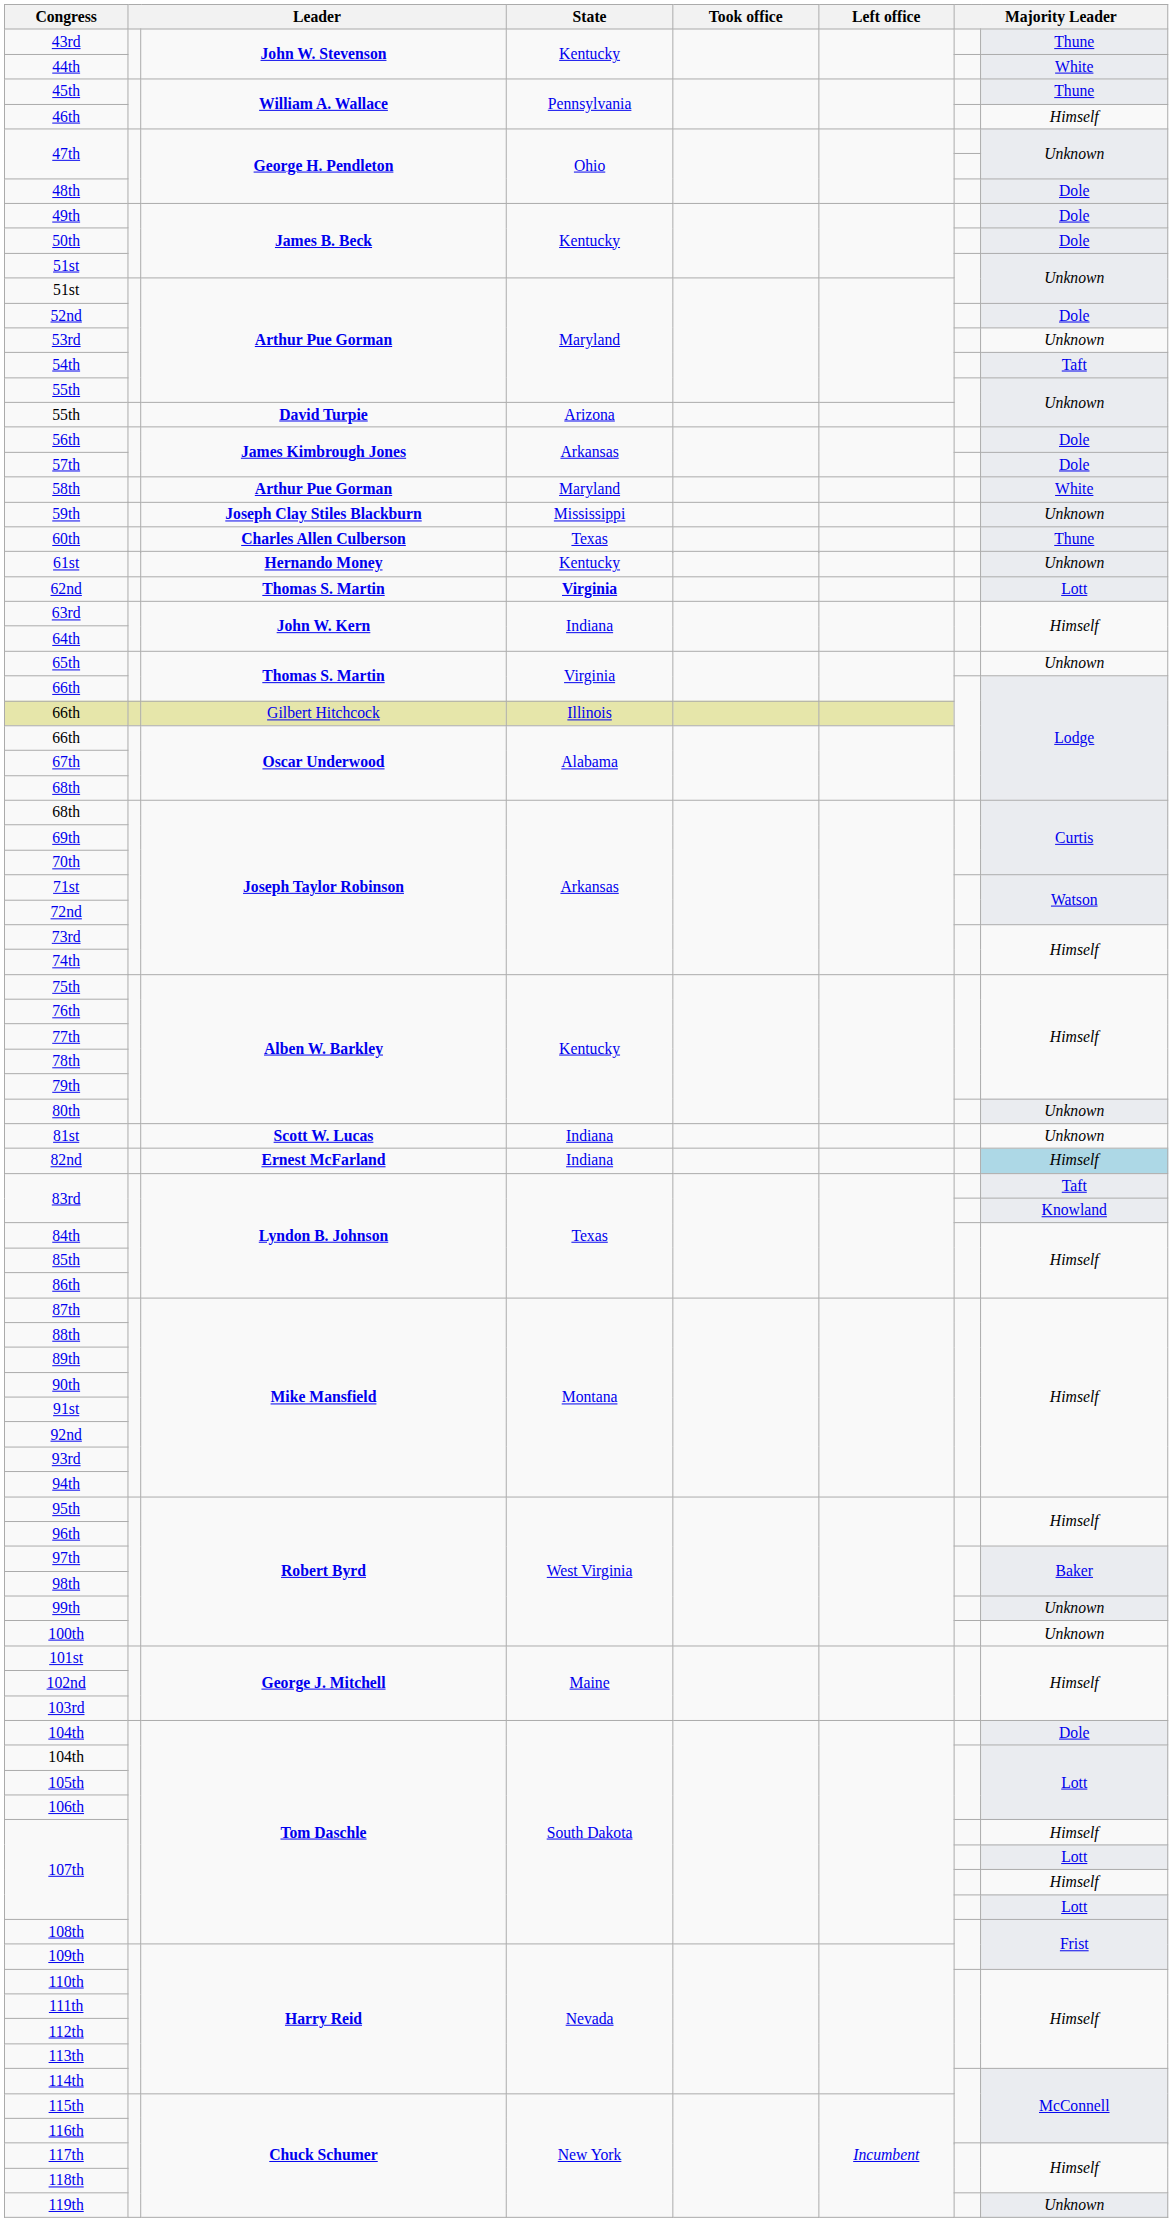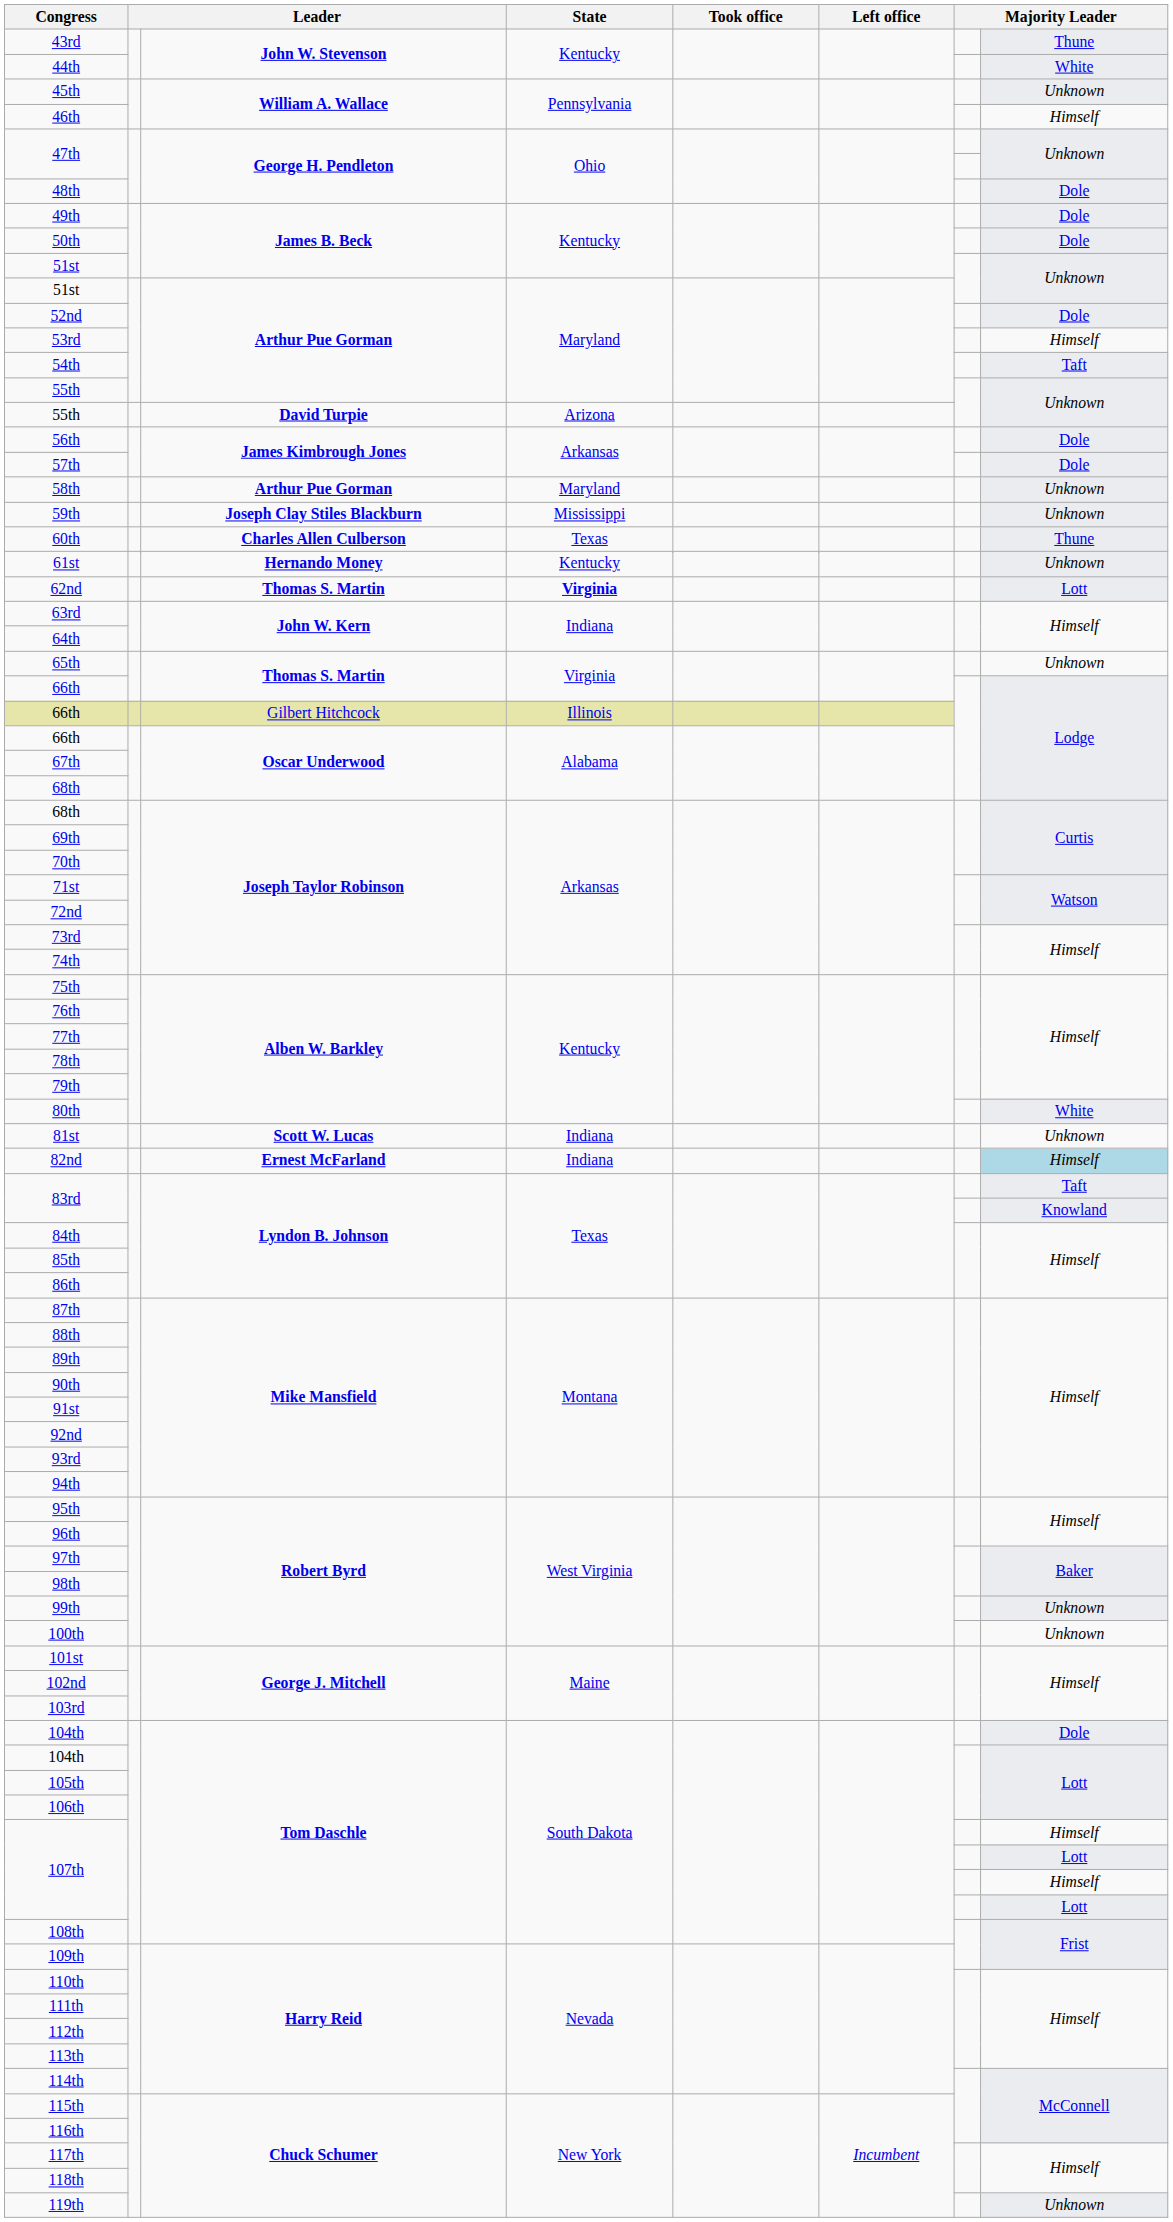 <table class="wikitable" style="width:75%; text-align:center;">
 <tr>
 <th>Congress</th>
 <th colspan="2">Leader</th>
 <th>State</th>
 <th>Took office</th>
 <th>Left office</th>
 <th colspan="2">Majority Leader</th>
 </tr>
 <tr>
 <td><a href='#'>43rd</a></td>
 <td rowspan="2"></td>
 <td rowspan="2"><strong><a href='#'>John W. Stevenson</a></strong><br></td>
 <td rowspan="2"><a href='#'>Kentucky</a></td>
 <td rowspan="2"></td>
 <td rowspan="2"></td>
 <td style="background-color:"> </td>
 <td style="background-color:#EAECF0;"><a href='#'>Thune</a> </td>
 </tr>
 <tr>
 <td><a href='#'>44th</a></td>
 <td style="background-color:"> </td>
 <td style="background-color:#EAECF0;"><a href='#'>White</a> </td>
 </tr>
 <tr>
 <td><a href='#'>45th</a></td>
 <td rowspan="2"></td>
 <td rowspan="2"><strong><a href='#'>William A. Wallace</a></strong><br></td>
 <td rowspan="2"><a href='#'>Pennsylvania</a></td>
 <td rowspan="2"></td>
 <td rowspan="2"></td>
 <td style="background-color:"> </td>
-<td style="background-color:#EAECF0;"><a href='#'>Thune</a> </td>
+<td style="background-color:#EAECF0;"><em>Unknown</em></td>
 </tr>
 <tr>
 <td><a href='#'>46th</a></td>
 <td style="background-color:"> </td>
 <td><em>Himself</em> </td>
 </tr>
 <tr>
 <td rowspan="2"><a href='#'>47th</a></td>
 <td rowspan="3"></td>
 <td rowspan="3"><strong><a href='#'>George H. Pendleton</a></strong><br></td>
 <td rowspan="3"><a href='#'>Ohio</a></td>
 <td rowspan="3"></td>
 <td rowspan="3"></td>
 <td style="background-color:"> </td>
 <td rowspan="2" style="background-color:#EAECF0;"><em>Unknown</em></td>
 </tr>
 <tr>
 <td style="background-color:"> </td>
 </tr>
 <tr>
 <td><a href='#'>48th</a></td>
 <td style="background-color:"> </td>
 <td style="background-color:#EAECF0;"><a href='#'>Dole</a> </td>
 </tr>
 <tr>
 <td><a href='#'>49th</a></td>
 <td rowspan="3"></td>
 <td rowspan="3"><strong><a href='#'>James B. Beck</a></strong><br></td>
 <td rowspan="3"><a href='#'>Kentucky</a></td>
 <td rowspan="3"></td>
 <td rowspan="3"></td>
 <td style="background-color:"> </td>
 <td style="background-color:#EAECF0;"><a href='#'>Dole</a> </td>
 </tr>
 <tr>
 <td><a href='#'>50th</a></td>
 <td style="background-color:"> </td>
 <td style="background-color:#EAECF0;"><a href='#'>Dole</a> </td>
 </tr>
 <tr>
 <td><a href='#'>51st</a></td>
 <td rowspan="2" style="background-color:"> </td>
 <td rowspan="2" style="background-color:#EAECF0;"><em>Unknown</em></td>
 </tr>
 <tr>
 <td>51st</td>
 <td rowspan="5"></td>
 <td rowspan="5"><strong><a href='#'>Arthur Pue Gorman</a></strong><br></td>
 <td rowspan="5"><a href='#'>Maryland</a></td>
 <td rowspan="5"></td>
 <td rowspan="5"></td>
 </tr>
 <tr>
 <td><a href='#'>52nd</a></td>
 <td style="background-color:"> </td>
 <td style="background-color:#EAECF0;"><a href='#'>Dole</a> </td>
 </tr>
 <tr>
 <td><a href='#'>53rd</a></td>
 <td style="background-color:"> </td>
-<td><em>Unknown</em></td>
+<td><em>Himself</em> </td>
 </tr>
 <tr>
 <td><a href='#'>54th</a></td>
 <td style="background-color:"> </td>
 <td style="background-color:#EAECF0;"><a href='#'>Taft</a> </td>
 </tr>
 <tr>
 <td><a href='#'>55th</a></td>
 <td rowspan="2" style="background-color:"> </td>
 <td rowspan="2" style="background-color:#EAECF0;"><em>Unknown</em></td>
 </tr>
 <tr>
 <td>55th</td>
 <td></td>
 <td><strong><a href='#'>David Turpie</a></strong><br></td>
 <td><a href='#'>Arizona</a></td>
 <td></td>
 <td></td>
 </tr>
 <tr>
 <td><a href='#'>56th</a></td>
 <td rowspan="2"></td>
 <td rowspan="2"><strong><a href='#'>James Kimbrough Jones</a></strong><br></td>
 <td rowspan="2"><a href='#'>Arkansas</a></td>
 <td rowspan="2"></td>
 <td rowspan="2"></td>
 <td style="background-color:"> </td>
 <td style="background-color:#EAECF0;"><a href='#'>Dole</a> </td>
 </tr>
 <tr>
 <td><a href='#'>57th</a></td>
 <td style="background-color:"> </td>
 <td style="background-color:#EAECF0;"><a href='#'>Dole</a> </td>
 </tr>
 <tr>
 <td><a href='#'>58th</a></td>
 <td rowspan="2"></td>
 <td rowspan="2"><strong><a href='#'>Arthur Pue Gorman</a></strong><br></td>
 <td rowspan="2"><a href='#'>Maryland</a></td>
 <td rowspan="2"></td>
 <td rowspan="2"></td>
 <td style="background-color:"> </td>
-<td style="background-color:#EAECF0;"><a href='#'>White</a> </td>
+<td style="background-color:#EAECF0;"><em>Unknown</em></td>
 </tr>
 <tr>
 <td rowspan="2"><a href='#'>59th</a></td>
 <td rowspan="2" style="background-color:"> </td>
 <td rowspan="2" style="background-color:#EAECF0;"><em>Unknown</em></td>
 </tr>
 <tr>
 <td></td>
 <td><strong><a href='#'>Joseph Clay Stiles Blackburn</a></strong><br></td>
 <td><a href='#'>Mississippi</a></td>
 <td></td>
 <td></td>
 </tr>
 <tr>
 <td><a href='#'>60th</a></td>
 <td rowspan="2"></td>
 <td rowspan="2"><strong><a href='#'>Charles Allen Culberson</a></strong><br></td>
 <td rowspan="2"><a href='#'>Texas</a></td>
 <td rowspan="2"></td>
 <td rowspan="2"></td>
 <td style="background-color:"> </td>
 <td style="background-color:#EAECF0;"><a href='#'>Thune</a> </td>
 </tr>
 <tr>
 <td rowspan="2"><a href='#'>61st</a></td>
 <td rowspan="2" style="background-color:"> </td>
 <td rowspan="2" style="background-color:#EAECF0;"><em>Unknown</em></td>
 </tr>
 <tr>
 <td></td>
 <td><strong><a href='#'>Hernando Money</a></strong><br></td>
 <td><a href='#'>Kentucky</a></td>
 <td></td>
 <td></td>
 </tr>
 <tr>
 <td><a href='#'>62nd</a></td>
 <td></td>
 <td><strong><a href='#'>Thomas S. Martin</a></strong><br></td>
 <td><strong><a href='#'>Virginia</a></strong></td>
 <td></td>
 <td></td>
 <td style="background-color:"> </td>
 <td style="background-color:#EAECF0;"><a href='#'>Lott</a> </td>
 </tr>
 <tr>
 <td><a href='#'>63rd</a></td>
 <td rowspan="2"></td>
 <td rowspan="2"><strong><a href='#'>John W. Kern</a></strong><br></td>
 <td rowspan="2"><a href='#'>Indiana</a></td>
 <td rowspan="2"></td>
 <td rowspan="2"></td>
 <td rowspan="2" style="background-color:"> </td>
 <td rowspan="2"><em>Himself</em> </td>
 </tr>
 <tr>
 <td><a href='#'>64th</a></td>
 </tr>
 <tr>
 <td><a href='#'>65th</a></td>
 <td rowspan="2"></td>
 <td rowspan="2"><strong><a href='#'>Thomas S. Martin</a></strong><br></td>
 <td rowspan="2"><a href='#'>Virginia</a></td>
 <td rowspan="2"></td>
 <td rowspan="2"></td>
 <td style="background-color:"> </td>
 <td><em>Unknown</em></td>
 </tr>
 <tr>
 <td><a href='#'>66th</a></td>
 <td rowspan="5" style="background-color:"> </td>
 <td rowspan="5" style="background-color:#EAECF0;"><a href='#'>Lodge</a> </td>
 </tr>
 <tr style="background-color:#E6E6AA;">
 <td>66th</td>
 <td></td>
 <td><a href='#'>Gilbert Hitchcock</a><br></td>
 <td><a href='#'>Illinois</a></td>
 <td></td>
 <td></td>
 </tr>
 <tr>
 <td>66th</td>
 <td rowspan="3"></td>
 <td rowspan="3"><strong><a href='#'>Oscar Underwood</a></strong><br></td>
 <td rowspan="3"><a href='#'>Alabama</a></td>
 <td rowspan="3"></td>
 <td rowspan="3"></td>
 </tr>
 <tr>
 <td><a href='#'>67th</a></td>
 </tr>
 <tr>
 <td><a href='#'>68th</a></td>
 </tr>
 <tr>
 <td>68th</td>
 <td rowspan="8"></td>
 <td rowspan="8"><strong><a href='#'>Joseph Taylor Robinson</a></strong><br></td>
 <td rowspan="8"><a href='#'>Arkansas</a></td>
 <td rowspan="8"></td>
 <td rowspan="8"></td>
 <td rowspan="3" style="background-color:"> </td>
 <td rowspan="3" style="background-color:#EAECF0;"><a href='#'>Curtis</a> </td>
 </tr>
 <tr>
 <td><a href='#'>69th</a></td>
 </tr>
 <tr>
 <td><a href='#'>70th</a></td>
 </tr>
 <tr>
 <td><a href='#'>71st</a></td>
 <td rowspan="2" style="background-color:"> </td>
 <td rowspan="2" style="background-color:#EAECF0;"><a href='#'>Watson</a> </td>
 </tr>
 <tr>
 <td><a href='#'>72nd</a></td>
 </tr>
 <tr>
 <td><a href='#'>73rd</a></td>
 <td rowspan="3" style="background-color:"> </td>
 <td rowspan="3"><em>Himself</em> </td>
 </tr>
 <tr>
 <td><a href='#'>74th</a></td>
 </tr>
 <tr>
 <td rowspan="2"><a href='#'>75th</a></td>
 </tr>
 <tr>
 <td rowspan="6"></td>
 <td rowspan="6"><strong><a href='#'>Alben W. Barkley</a></strong><br></td>
 <td rowspan="6"><a href='#'>Kentucky</a></td>
 <td rowspan="6"></td>
 <td rowspan="6"></td>
 <td rowspan="5" style="background-color:"> </td>
 <td rowspan="5"><em>Himself</em> </td>
 </tr>
 <tr>
 <td><a href='#'>76th</a></td>
 </tr>
 <tr>
 <td><a href='#'>77th</a></td>
 </tr>
 <tr>
 <td><a href='#'>78th</a></td>
 </tr>
 <tr>
 <td><a href='#'>79th</a></td>
 </tr>
 <tr>
 <td><a href='#'>80th</a></td>
 <td style="background-color:"> </td>
-<td style="background-color:#EAECF0;"><em>Unknown</em></td>
+<td style="background-color:#EAECF0;"><a href='#'>White</a> </td>
 </tr>
 <tr>
 <td><a href='#'>81st</a></td>
 <td></td>
 <td><strong><a href='#'>Scott W. Lucas</a></strong><br></td>
 <td><a href='#'>Indiana</a></td>
 <td></td>
 <td></td>
 <td style="background-color:"> </td>
 <td><em>Unknown</em></td>
 </tr>
 <tr>
 <td><a href='#'>82nd</a></td>
 <td></td>
 <td><strong><a href='#'>Ernest McFarland</a></strong><br></td>
 <td><a href='#'>Indiana</a></td>
 <td></td>
 <td></td>
 <td style="background-color:"> </td>
 <td style="background: lightblue;"><em>Himself</em> </td>
 </tr>
 <tr>
 <td rowspan="2"><a href='#'>83rd</a></td>
 <td rowspan="5"></td>
 <td rowspan="5"><strong><a href='#'>Lyndon B. Johnson</a></strong><br></td>
 <td rowspan="5"><a href='#'>Texas</a></td>
 <td rowspan="5"></td>
 <td rowspan="5"></td>
 <td style="background-color:"> </td>
 <td style="background-color:#EAECF0;"><a href='#'>Taft</a> </td>
 </tr>
 <tr>
 <td style="background-color:"> </td>
 <td style="background-color:#EAECF0;"><a href='#'>Knowland</a> </td>
 </tr>
 <tr>
 <td><a href='#'>84th</a></td>
 <td rowspan="3" style="background-color:"> </td>
 <td rowspan="3"><em>Himself</em> </td>
 </tr>
 <tr>
 <td><a href='#'>85th</a></td>
 </tr>
 <tr>
 <td><a href='#'>86th</a></td>
 </tr>
 <tr>
 <td><a href='#'>87th</a></td>
 <td rowspan="8"></td>
 <td rowspan="8"><strong><a href='#'>Mike Mansfield</a></strong><br></td>
 <td rowspan="8"><a href='#'>Montana</a></td>
 <td rowspan="8"></td>
 <td rowspan="8"></td>
 <td rowspan="8" style="background-color:"> </td>
 <td rowspan="8"><em>Himself</em> </td>
 </tr>
 <tr>
 <td><a href='#'>88th</a></td>
 </tr>
 <tr>
 <td><a href='#'>89th</a></td>
 </tr>
 <tr>
 <td><a href='#'>90th</a></td>
 </tr>
 <tr>
 <td><a href='#'>91st</a></td>
 </tr>
 <tr>
 <td><a href='#'>92nd</a></td>
 </tr>
 <tr>
 <td><a href='#'>93rd</a></td>
 </tr>
 <tr>
 <td><a href='#'>94th</a></td>
 </tr>
 <tr>
 <td><a href='#'>95th</a></td>
 <td rowspan="6"></td>
 <td rowspan="6"><strong><a href='#'>Robert Byrd</a></strong><br></td>
 <td rowspan="6"><a href='#'>West Virginia</a></td>
 <td rowspan="6"></td>
 <td rowspan="6"></td>
 <td rowspan="2" style="background-color:"> </td>
 <td rowspan="2"><em>Himself</em> </td>
 </tr>
 <tr>
 <td><a href='#'>96th</a></td>
 </tr>
 <tr>
 <td><a href='#'>97th</a></td>
 <td rowspan="2" style="background-color:"> </td>
 <td rowspan="2" style="background-color:#EAECF0;"><a href='#'>Baker</a> </td>
 </tr>
 <tr>
 <td><a href='#'>98th</a></td>
 </tr>
 <tr>
 <td><a href='#'>99th</a></td>
 <td style="background-color:"> </td>
 <td style="background-color:#EAECF0;"><em>Unknown</em></td>
 </tr>
 <tr>
 <td><a href='#'>100th</a></td>
 <td style="background-color:"> </td>
 <td><em>Unknown</em></td>
 </tr>
 <tr>
 <td><a href='#'>101st</a></td>
 <td rowspan="3"></td>
 <td rowspan="3"><strong><a href='#'>George J. Mitchell</a></strong><br></td>
 <td rowspan="3"><a href='#'>Maine</a></td>
 <td rowspan="3"></td>
 <td rowspan="3"></td>
 <td rowspan="3" style="background-color:"> </td>
 <td rowspan="3"><em>Himself</em> </td>
 </tr>
 <tr>
 <td><a href='#'>102nd</a></td>
 </tr>
 <tr>
 <td><a href='#'>103rd</a></td>
 </tr>
 <tr>
 <td><a href='#'>104th</a></td>
 <td rowspan="9"></td>
 <td rowspan="9"><strong><a href='#'>Tom Daschle</a></strong><br></td>
 <td rowspan="9"><a href='#'>South Dakota</a></td>
 <td rowspan="9"></td>
 <td rowspan="9"></td>
 <td style="background-color:"> </td>
 <td style="background-color:#EAECF0;"><a href='#'>Dole</a> </td>
 </tr>
 <tr>
 <td>104th</td>
 <td rowspan="3" style="background-color:"> </td>
 <td rowspan="3" style="background-color:#EAECF0;"><a href='#'>Lott</a> </td>
 </tr>
 <tr>
 <td><a href='#'>105th</a></td>
 </tr>
 <tr>
 <td><a href='#'>106th</a></td>
 </tr>
 <tr>
 <td rowspan="4"><a href='#'>107th</a></td>
 <td style="background-color:"> </td>
 <td><em>Himself</em> </td>
 </tr>
 <tr>
 <td style="background-color:"> </td>
 <td style="background-color:#EAECF0;"><a href='#'>Lott</a> </td>
 </tr>
 <tr>
 <td style="background-color:"> </td>
 <td><em>Himself</em> </td>
 </tr>
 <tr>
 <td style="background-color:"> </td>
 <td style="background-color:#EAECF0;"><a href='#'>Lott</a> </td>
 </tr>
 <tr>
 <td><a href='#'>108th</a></td>
 <td rowspan="2" style="background-color:"> </td>
 <td rowspan="2" style="background-color:#EAECF0;"><a href='#'>Frist</a> </td>
 </tr>
 <tr>
 <td><a href='#'>109th</a></td>
 <td rowspan="6"></td>
 <td rowspan="6"><strong><a href='#'>Harry Reid</a></strong><br></td>
 <td rowspan="6"><a href='#'>Nevada</a></td>
 <td rowspan="6"></td>
 <td rowspan="6"></td>
 </tr>
 <tr>
 <td><a href='#'>110th</a></td>
 <td rowspan="4" style="background-color:"> </td>
 <td rowspan="4"><em>Himself</em> </td>
 </tr>
 <tr>
 <td><a href='#'>111th</a></td>
 </tr>
 <tr>
 <td><a href='#'>112th</a></td>
 </tr>
 <tr>
 <td><a href='#'>113th</a></td>
 </tr>
 <tr>
 <td><a href='#'>114th</a></td>
 <td rowspan="4" style="background-color:"> </td>
 <td rowspan="4" style="background-color:#EAECF0;"><a href='#'>McConnell</a> </td>
 </tr>
 <tr>
 <td><a href='#'>115th</a></td>
 <td rowspan="6"></td>
 <td rowspan="6"><strong><a href='#'>Chuck Schumer</a></strong><br></td>
 <td rowspan="6"><a href='#'>New York</a></td>
 <td rowspan="6"></td>
 <td rowspan="6"><em><a href='#'>Incumbent</a></em></td>
 </tr>
 <tr>
 <td><a href='#'>116th</a></td>
 </tr>
 <tr>
 <td rowspan="2"><a href='#'>117th</a></td>
 </tr>
 <tr>
 <td rowspan="2" style="background-color:"> </td>
 <td rowspan="2"><em>Himself</em> </td>
 </tr>
 <tr>
 <td><a href='#'>118th</a></td>
 </tr>
 <tr>
 <td><a href='#'>119th</a></td>
 <td style="background-color:"> </td>
 <td style="background-color:#EAECF0;"><em>Unknown</em></td>
 </tr>
 </table>
